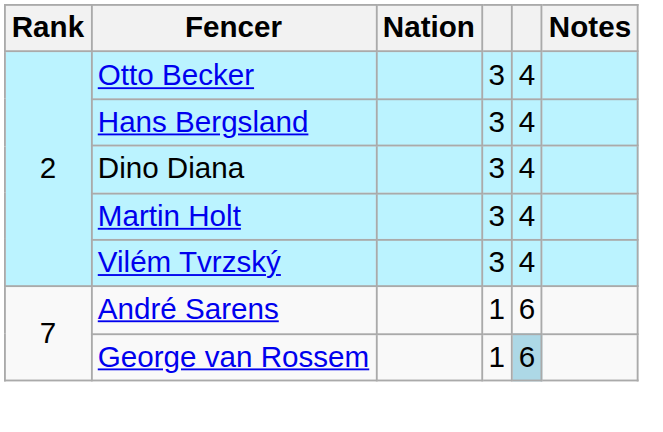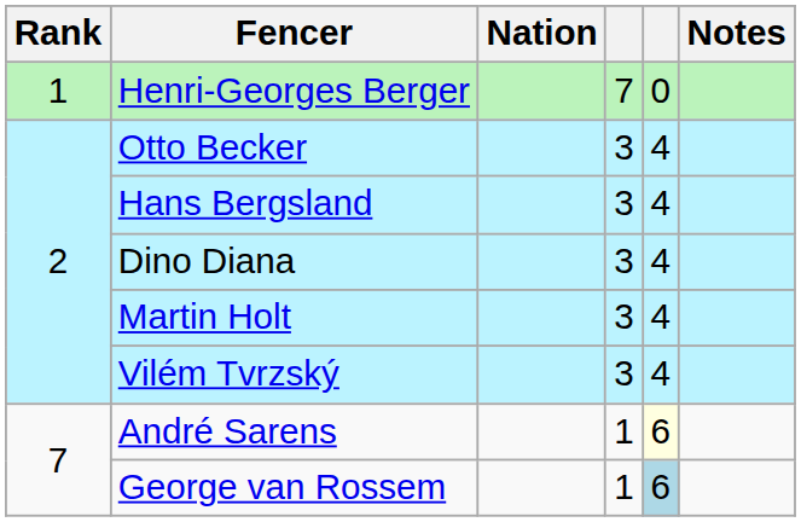 <table class="wikitable sortable" style="text-align:center">
 <tr>
 <th>Rank</th>
 <th>Fencer</th>
 <th>Nation</th>
 <th></th>
 <th></th>
 <th>Notes</th>
+</tr>
+<tr bgcolor=bbf3bb>
+<td>1</td>
+<td align=left><a href='#'>Henri-Georges Berger</a></td>
+<td align=left></td>
+<td>7</td>
+<td>0</td>
+<td></td>
 </tr>
 <tr bgcolor=bbf3ff>
 <td rowspan=5>2</td>
 <td align=left><a href='#'>Otto Becker</a></td>
 <td align=left></td>
 <td>3</td>
 <td>4</td>
 <td></td>
 </tr>
 <tr bgcolor=bbf3ff>
 <td align=left><a href='#'>Hans Bergsland</a></td>
 <td align=left></td>
 <td>3</td>
 <td>4</td>
 <td></td>
 </tr>
 <tr bgcolor=bbf3ff>
 <td align=left>Dino Diana</td>
 <td align=left></td>
 <td>3</td>
 <td>4</td>
 <td></td>
 </tr>
 <tr bgcolor=bbf3ff>
 <td align=left><a href='#'>Martin Holt</a></td>
 <td align=left></td>
 <td>3</td>
 <td>4</td>
 <td></td>
 </tr>
 <tr bgcolor=bbf3ff>
 <td align=left><a href='#'>Vilém Tvrzský</a></td>
 <td align=left></td>
 <td>3</td>
 <td>4</td>
 <td></td>
 </tr>
 <tr>
 <td rowspan=2>7</td>
 <td align=left><a href='#'>André Sarens</a></td>
 <td align=left></td>
 <td>1</td>
-<td>6</td>
+<td style="background: lightyellow;">6</td>
 <td></td>
 </tr>
 <tr>
 <td align=left><a href='#'>George van Rossem</a></td>
 <td align=left></td>
 <td>1</td>
 <td style="background: lightblue;">6</td>
 <td></td>
 </tr>
 </table>
